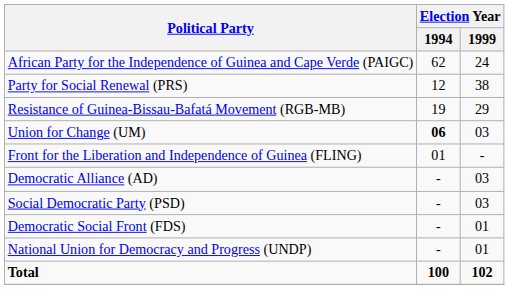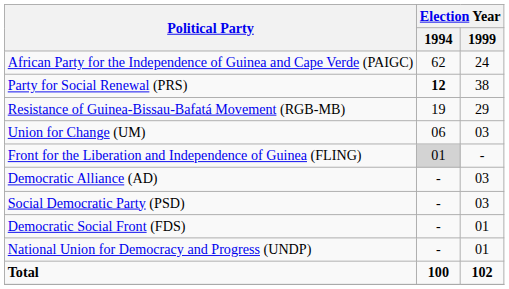 <table class="wikitable" style=" font-size: 95%;">
 <tr>
 <th align="left" scope="col" rowspan="2"><a href='#'>Political Party</a></th>
 <th align="center" scope="col" colspan="8"><a href='#'>Election</a> Year</th>
 </tr>
 <tr>
 <th scope="col">1994</th>
 <th scope="col">1999</th>
 </tr>
 <tr>
 <td align="left"><a href='#'>African Party for the Independence of Guinea and Cape Verde</a> (PAIGC)</td>
 <td align="center">62</td>
 <td align="center">24</td>
 </tr>
 <tr>
 <td align="left"><a href='#'>Party for Social Renewal</a> (PRS)</td>
-<td align="center">12</td>
+<td align="center"><strong>12</strong></td>
 <td align="center">38</td>
 </tr>
 <tr>
 <td align="left"><a href='#'>Resistance of Guinea-Bissau-Bafatá Movement</a> (RGB-MB)</td>
 <td align="center">19</td>
 <td align="center">29</td>
 </tr>
 <tr>
 <td align="left"><a href='#'>Union for Change</a> (UM)</td>
-<td align="center"><strong>06</strong></td>
+<td align="center">06</td>
 <td align="center">03</td>
 </tr>
 <tr>
 <td align="left"><a href='#'>Front for the Liberation and Independence of Guinea</a> (FLING)</td>
-<td align="center">01</td>
+<td align="center" style="background: lightgrey;">01</td>
 <td align="center">-</td>
 </tr>
 <tr>
 <td align="left"><a href='#'>Democratic Alliance</a> (AD)</td>
 <td align="center">-</td>
 <td align="center">03</td>
 </tr>
 <tr>
 <td align="left"><a href='#'>Social Democratic Party</a> (PSD)</td>
 <td align="center">-</td>
 <td align="center">03</td>
 </tr>
 <tr>
 <td align="left"><a href='#'>Democratic Social Front</a> (FDS)</td>
 <td align="center">-</td>
 <td align="center">01</td>
 </tr>
 <tr>
 <td align="left"><a href='#'>National Union for Democracy and Progress</a> (UNDP)</td>
 <td align="center">-</td>
 <td align="center">01</td>
 </tr>
 <tr>
 <td align="left"><strong>Total</strong></td>
 <td align="center"><strong>100</strong></td>
 <td align="center"><strong>102</strong></td>
 </tr>
 <tr>
 </tr>
 </table>
